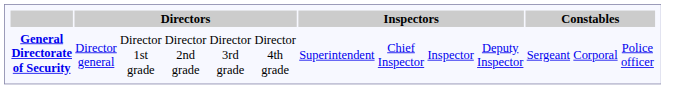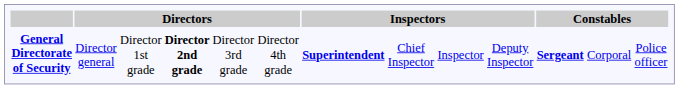 <table style="border:1px solid #8888aa; background:#f7f8ff; padding:5px; font-size:95%; margin:0 12px 12px 0;">
 <tr style="background:#ccc;">
 <th></th>
 <th colspan=5>Directors</th>
 <th colspan=4>Inspectors</th>
 <th colspan=3>Constables</th>
 </tr>
 <tr style="text-align:center">
 <td rowspan=2><strong> <a href='#'>General Directorate of Security</a></strong></td>
 <td></td>
 <td></td>
 <td></td>
 <td></td>
 <td></td>
 <td></td>
 <td></td>
 <td></td>
 <td></td>
 <td></td>
 <td></td>
 <td></td>
 </tr>
 <tr style="text-align:center">
 <td><a href='#'>Director general</a><br></td>
 <td>Director 1st grade<br></td>
-<td>Director 2nd grade<br></td>
+<td><strong>Director 2nd grade<br></strong></td>
 <td>Director 3rd grade<br></td>
 <td>Director 4th grade<br></td>
-<td><a href='#'>Superintendent</a><br></td>
+<td><strong><a href='#'>Superintendent</a><br></strong></td>
 <td><a href='#'>Chief Inspector</a><br></td>
 <td><a href='#'>Inspector</a><br></td>
 <td><a href='#'>Deputy Inspector</a><br></td>
-<td><a href='#'>Sergeant</a><br></td>
+<td><strong><a href='#'>Sergeant</a><br></strong></td>
 <td><a href='#'>Corporal</a><br></td>
 <td><a href='#'>Police officer</a><br></td>
 </tr>
 </table>
